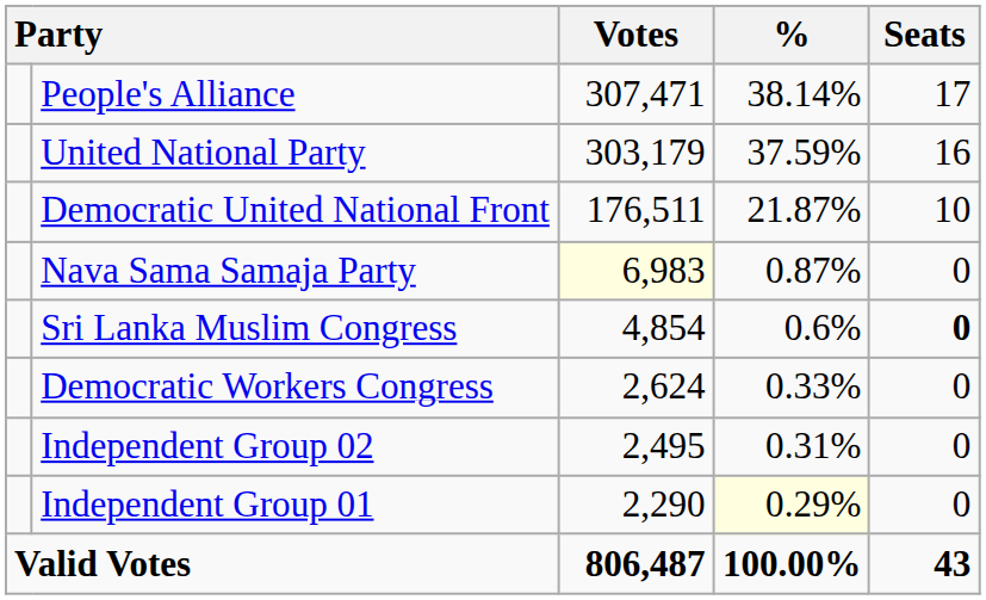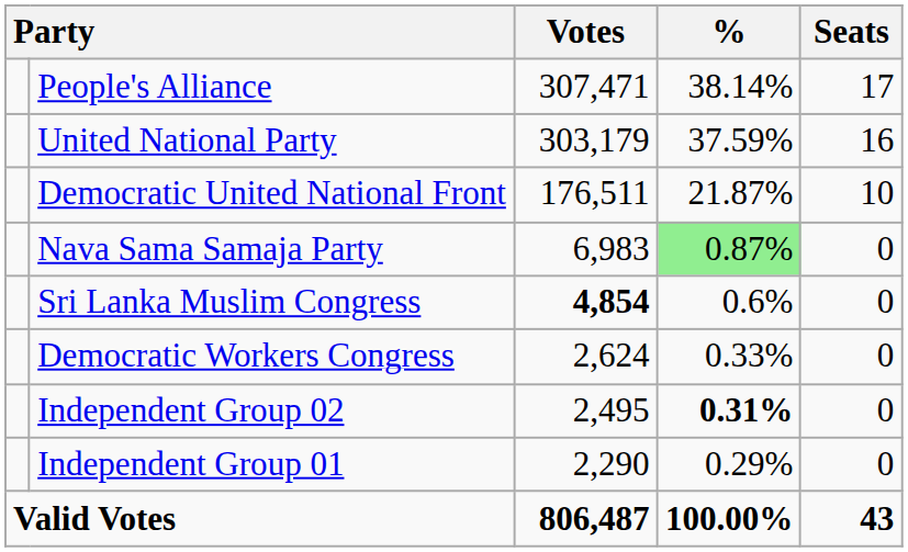 <table class="wikitable" style="text-align:right;">
 <tr>
 <th style="text-align:left;" colspan="2">Party</th>
 <th style="text-align:center; width:60px;">Votes</th>
 <th style="text-align:center; width:60px;">%</th>
 <th style="text-align:center; width:40px;">Seats</th>
 </tr>
 <tr>
 <td bgcolor=> </td>
 <td align=left><a href='#'>People's Alliance</a></td>
 <td>307,471</td>
 <td>38.14%</td>
 <td>17</td>
 </tr>
 <tr>
 <td bgcolor=> </td>
 <td align=left><a href='#'>United National Party</a></td>
 <td>303,179</td>
 <td>37.59%</td>
 <td>16</td>
 </tr>
 <tr>
 <td bgcolor=> </td>
 <td align=left><a href='#'>Democratic United National Front</a></td>
 <td>176,511</td>
 <td>21.87%</td>
 <td>10</td>
 </tr>
 <tr>
 <td bgcolor=> </td>
 <td align=left><a href='#'>Nava Sama Samaja Party</a></td>
-<td style="background: lightyellow;">6,983</td>
-<td>0.87%</td>
+<td>6,983</td>
+<td style="background: lightgreen;">0.87%</td>
 <td>0</td>
 </tr>
 <tr>
 <td bgcolor=> </td>
 <td align=left><a href='#'>Sri Lanka Muslim Congress</a></td>
-<td>4,854</td>
+<td><strong>4,854</strong></td>
 <td>0.6%</td>
-<td><strong>0</strong></td>
+<td>0</td>
 </tr>
 <tr>
 <td bgcolor=> </td>
 <td align=left><a href='#'>Democratic Workers Congress</a></td>
 <td>2,624</td>
 <td>0.33%</td>
 <td>0</td>
 </tr>
 <tr>
 <td bgcolor=> </td>
 <td align=left><a href='#'>Independent Group 02</a></td>
 <td>2,495</td>
-<td>0.31%</td>
+<td><strong>0.31%</strong></td>
 <td>0</td>
 </tr>
 <tr>
 <td bgcolor=> </td>
 <td align=left><a href='#'>Independent Group 01</a></td>
 <td>2,290</td>
-<td style="background: lightyellow;">0.29%</td>
+<td>0.29%</td>
 <td>0</td>
 </tr>
 <tr style="font-weight:bold">
 <td style="text-align:left;" colspan="2">Valid Votes</td>
 <td>806,487</td>
 <td>100.00%</td>
 <td>43</td>
 </tr>
 </table>
